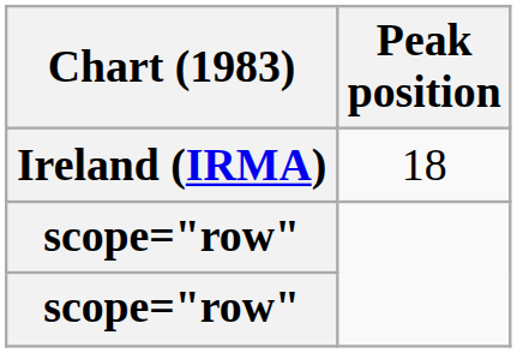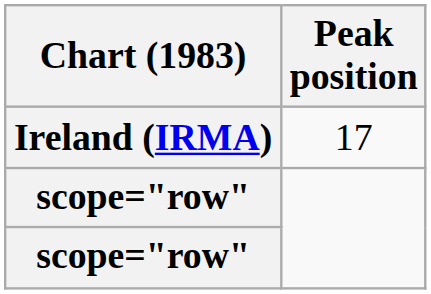 <table class="wikitable sortable plainrowheaders" style="text-align:center;">
 <tr>
 <th>Chart (1983)</th>
 <th>Peak<br>position</th>
 </tr>
 <tr>
 <th scope="row">Ireland (<a href='#'>IRMA</a>)</th>
-<td>18</td>
+<td>17</td>
 </tr>
 <tr>
 <th>scope="row"</th>
 </tr>
 <tr>
 <th>scope="row"</th>
 </tr>
 </table>
